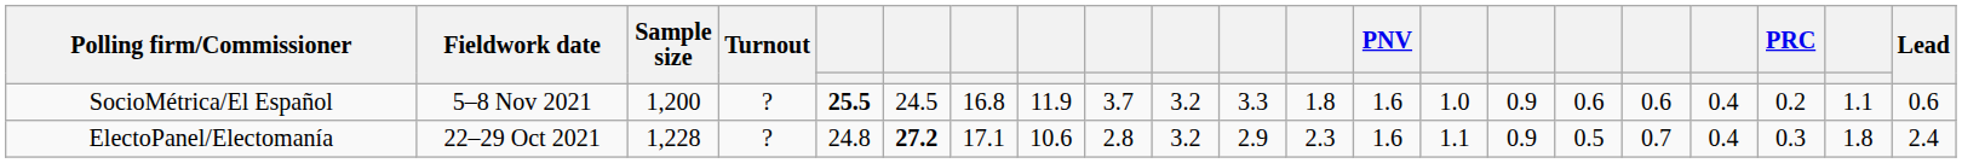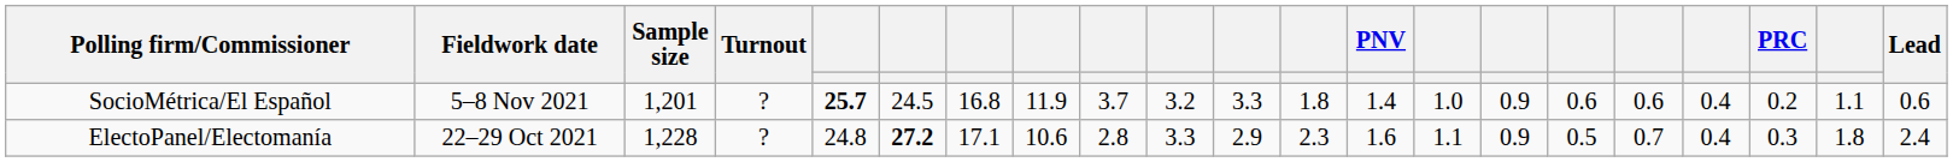 <table class="wikitable collapsible collapsed" style="text-align:center; font-size:95%; line-height:16px;">
 <tr style="height:42px;">
 <th style="width:250px;" rowspan="2">Polling firm/Commissioner</th>
 <th style="width:125px;" rowspan="2">Fieldwork date</th>
 <th style="width:50px;" rowspan="2">Sample size</th>
 <th style="width:45px;" rowspan="2">Turnout</th>
 <th style="width:35px;"></th>
 <th style="width:35px;"></th>
 <th style="width:35px;"></th>
 <th style="width:35px;"></th>
 <th style="width:35px;"></th>
 <th style="width:35px;"></th>
 <th style="width:35px;"></th>
 <th style="width:35px;"></th>
 <th style="width:35px;"><a href='#'>PNV</a></th>
 <th style="width:35px;"></th>
 <th style="width:35px;"></th>
 <th style="width:35px;"></th>
 <th style="width:35px;"></th>
 <th style="width:35px;"></th>
 <th style="width:35px;"><a href='#'>PRC</a></th>
 <th style="width:35px;"></th>
 <th style="width:30px;" rowspan="2">Lead</th>
 </tr>
 <tr>
 <th style="color:inherit;background:"></th>
 <th style="color:inherit;background:"></th>
 <th style="color:inherit;background:"></th>
 <th style="color:inherit;background:"></th>
 <th style="color:inherit;background:"></th>
 <th style="color:inherit;background:"></th>
 <th style="color:inherit;background:"></th>
 <th style="color:inherit;background:"></th>
 <th style="color:inherit;background:"></th>
 <th style="color:inherit;background:"></th>
 <th style="color:inherit;background:"></th>
 <th style="color:inherit;background:"></th>
 <th style="color:inherit;background:"></th>
 <th style="color:inherit;background:"></th>
 <th style="color:inherit;background:"></th>
 <th style="color:inherit;background:"></th>
 </tr>
 <tr>
 <td>SocioMétrica/El Español</td>
 <td>5–8 Nov 2021</td>
-<td>1,200</td>
+<td>1,201</td>
 <td>?</td>
-<td><strong>25.5</strong><br></td>
+<td><strong>25.7</strong><br></td>
 <td>24.5<br></td>
 <td>16.8<br></td>
 <td>11.9<br></td>
 <td>3.7<br></td>
 <td>3.2<br></td>
 <td>3.3<br></td>
 <td>1.8<br></td>
-<td>1.6<br></td>
+<td>1.4<br></td>
 <td>1.0<br></td>
 <td>0.9<br></td>
 <td>0.6<br></td>
 <td>0.6<br></td>
 <td>0.4<br></td>
 <td>0.2<br></td>
 <td>1.1<br></td>
 <td style="background:">0.6</td>
 </tr>
 <tr>
 <td>ElectoPanel/Electomanía</td>
 <td>22–29 Oct 2021</td>
 <td>1,228</td>
 <td>?</td>
 <td>24.8<br></td>
 <td><strong>27.2</strong><br></td>
 <td>17.1<br></td>
 <td>10.6<br></td>
 <td>2.8<br></td>
-<td>3.2<br></td>
+<td>3.3<br></td>
 <td>2.9<br></td>
 <td>2.3<br></td>
 <td>1.6<br></td>
 <td>1.1<br></td>
 <td>0.9<br></td>
 <td>0.5<br></td>
 <td>0.7<br></td>
 <td>0.4<br></td>
 <td>0.3<br></td>
 <td>1.8<br></td>
 <td style="background:">2.4</td>
 </tr>
 </table>
